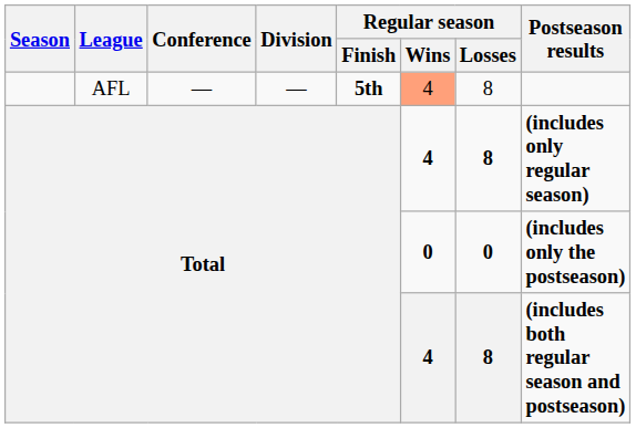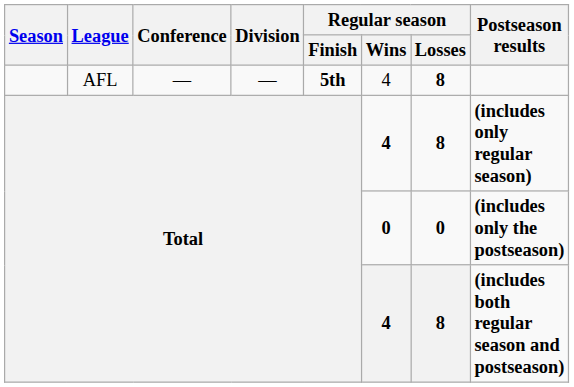 <table class="wikitable" style="font-size: 95%; width:70%; text-align:center">
 <tr>
 <th rowspan="2" style="width:5%;"><a href='#'>Season</a></th>
 <th rowspan="2" style="width:5%;"><a href='#'>League</a></th>
 <th rowspan="2" style="width:5%;">Conference</th>
 <th rowspan="2">Division</th>
 <th colspan="3">Regular season</th>
 <th rowspan="2">Postseason results</th>
 </tr>
 <tr>
 <th>Finish</th>
 <th>Wins</th>
 <th>Losses</th>
 </tr>
 <tr>
 <td></td>
 <td>AFL</td>
 <td>—</td>
 <td>—</td>
 <td><strong>5th</strong></td>
-<td style="background: lightsalmon;">4</td>
-<td>8</td>
+<td>4</td>
+<td><strong>8</strong></td>
 <td align=left></td>
 </tr>
 <tr>
 <th rowSpan="3" colSpan="5">Total</th>
 <td><strong>4</strong></td>
 <td><strong>8</strong></td>
 <td align=left><strong>(includes only regular season)</strong></td>
 </tr>
 <tr>
 <td><strong>0</strong></td>
 <td><strong>0</strong></td>
 <td align=left><strong>(includes only the postseason)</strong></td>
 </tr>
 <tr>
 <th>4</th>
 <th>8</th>
 <td align=left><strong>(includes both regular season and postseason)</strong></td>
 </tr>
 </table>
